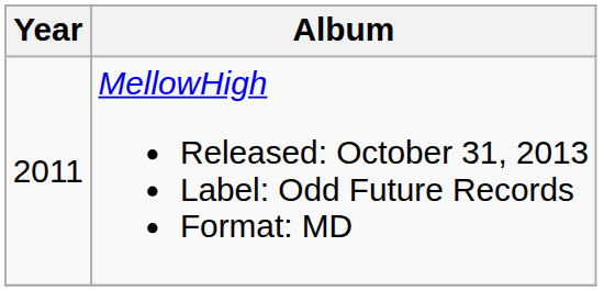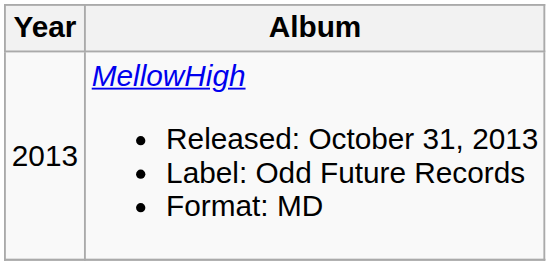 <table class="wikitable">
 <tr>
 <th>Year</th>
 <th>Album</th>
 </tr>
 <tr>
-<td align="center">2011</td>
+<td align="center">2013</td>
 <td><em><a href='#'>MellowHigh</a></em><br><ul><li>Released: October 31, 2013</li><li>Label: Odd Future Records</li><li>Format: MD</li></ul></td>
 </tr>
 <tr>
 </tr>
 </table>
